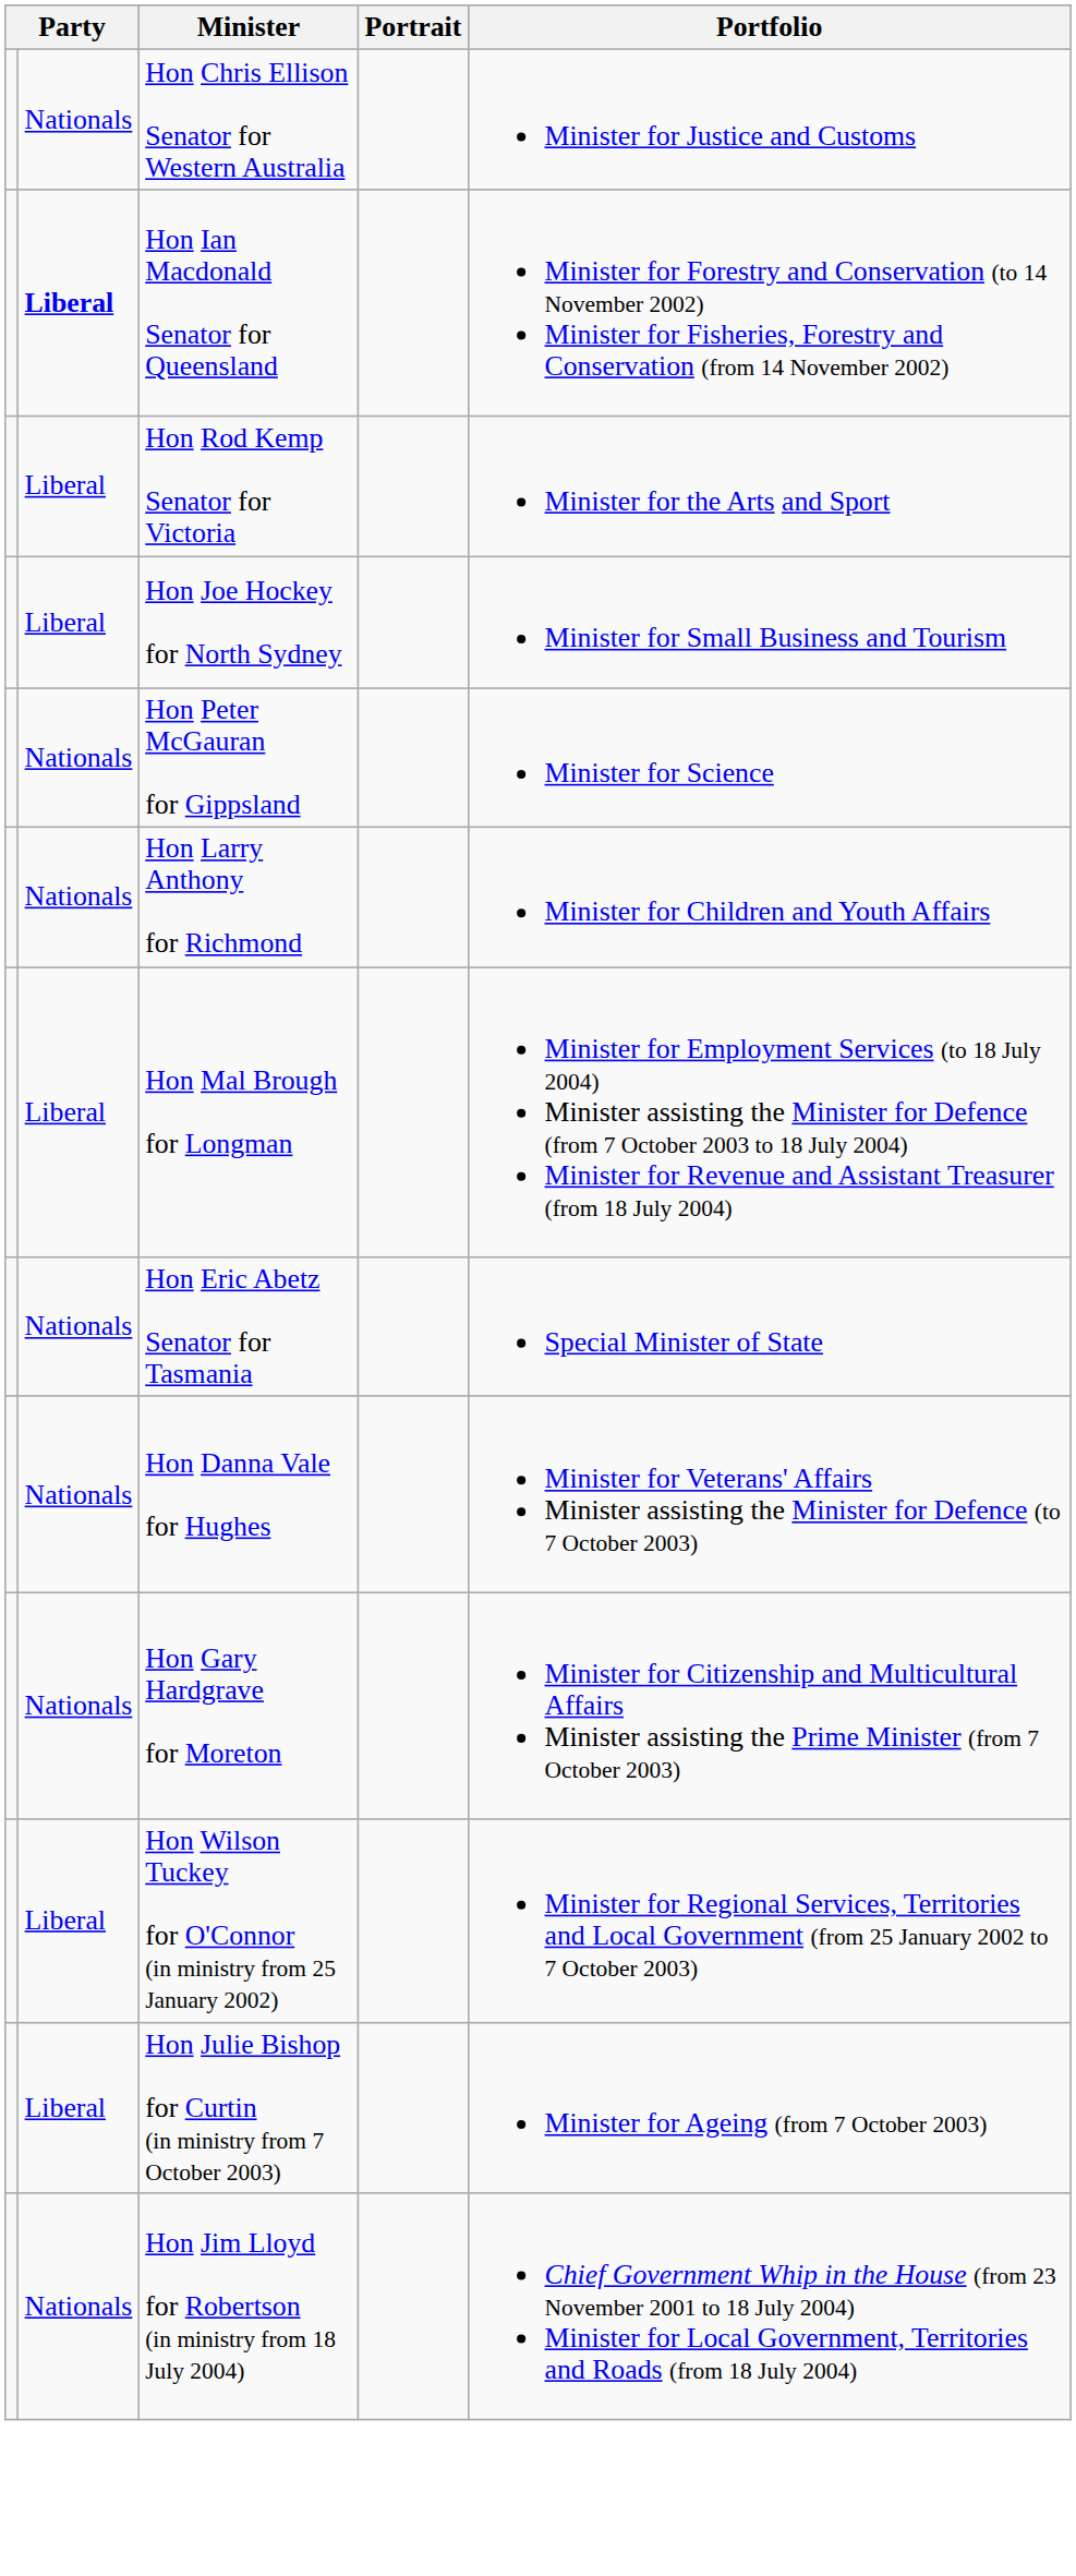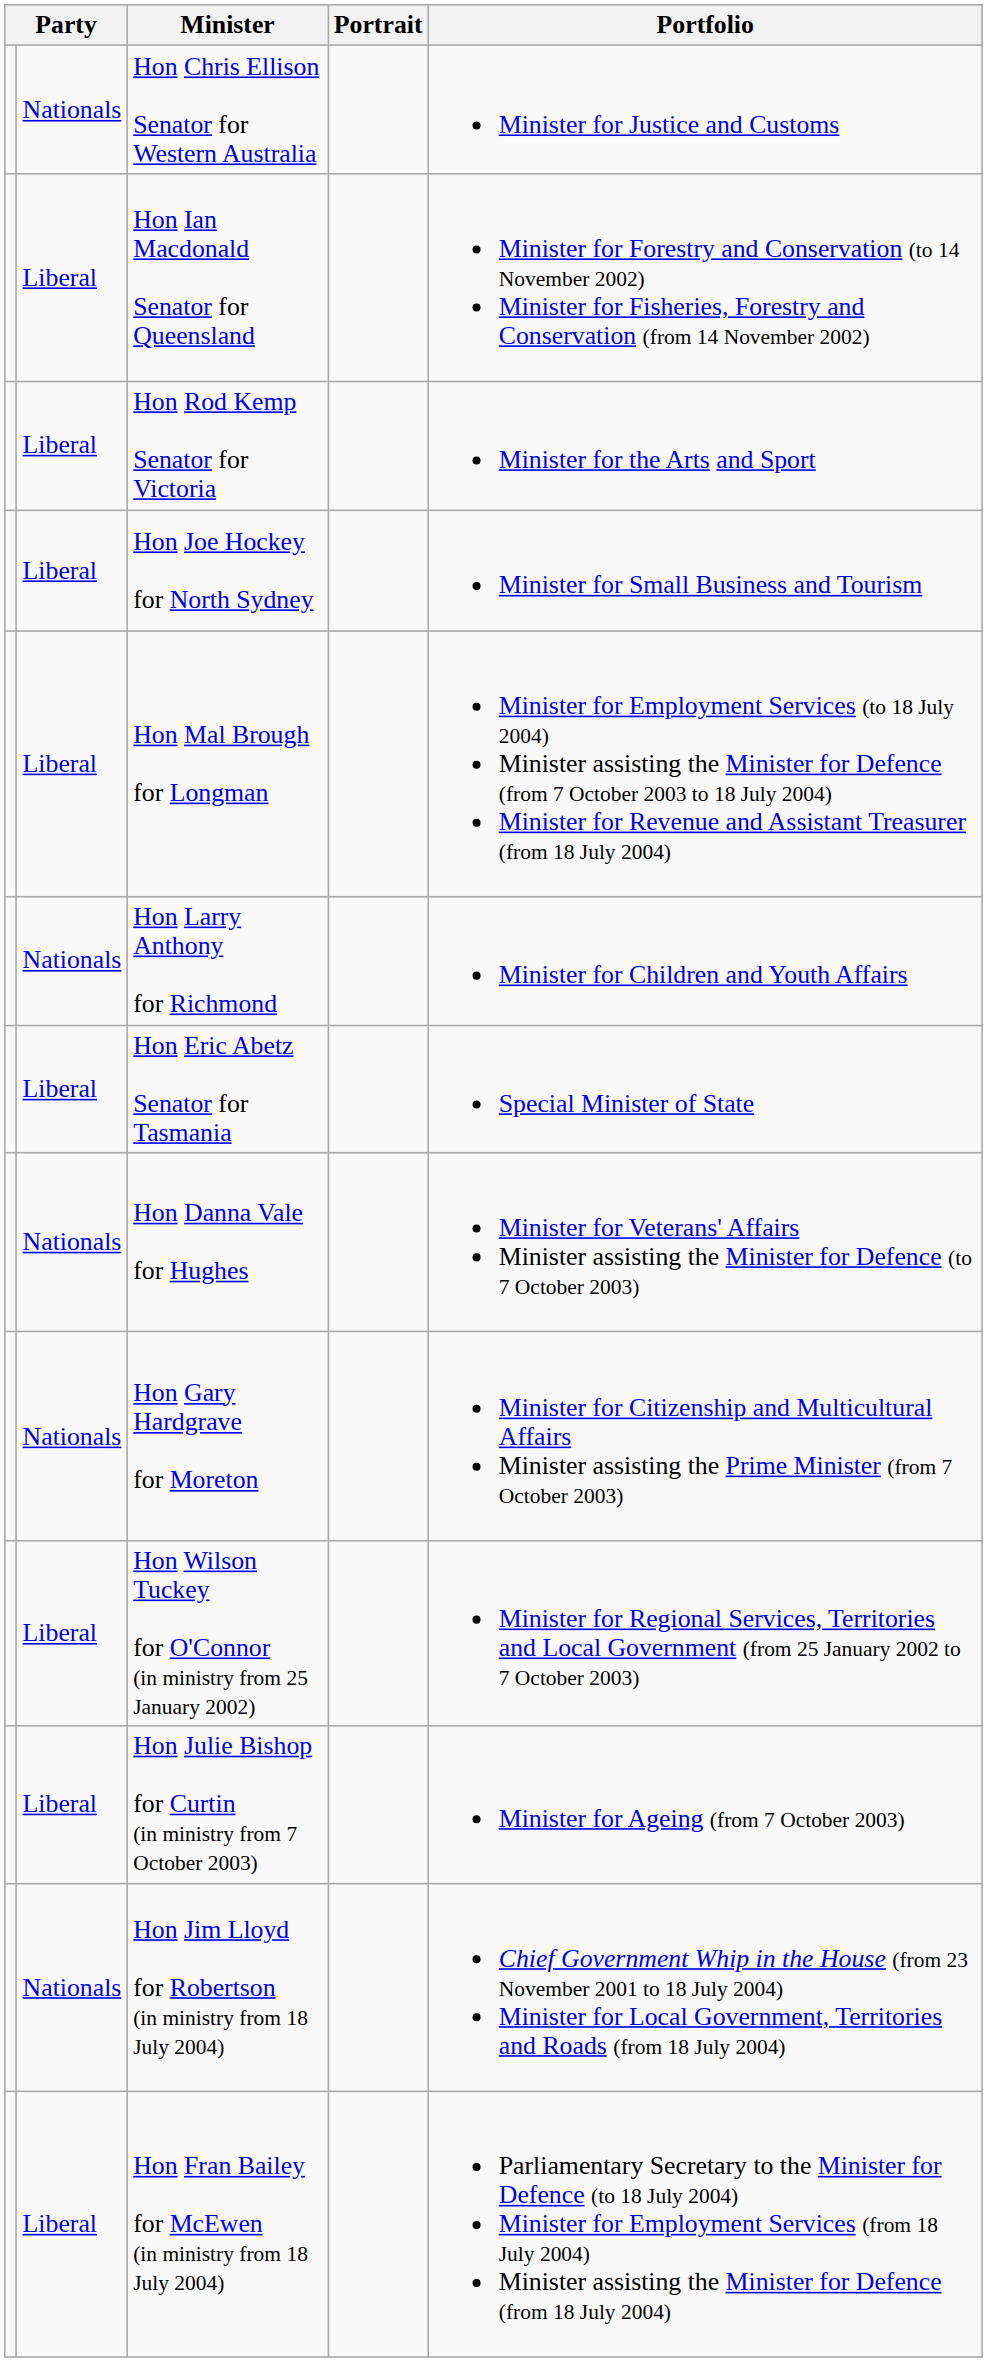 <table class="wikitable sortable">
 <tr>
 <th colspan="2">Party</th>
 <th>Minister</th>
 <th>Portrait</th>
 <th>Portfolio</th>
 </tr>
 <tr>
 <td></td>
 <td><a href='#'>Nationals</a></td>
 <td><a href='#'>Hon</a> <a href='#'>Chris Ellison</a> <br><br><a href='#'>Senator</a> for <a href='#'>Western Australia</a> <br></td>
 <td></td>
 <td><br><ul><li><a href='#'>Minister for Justice and Customs</a></li></ul></td>
 </tr>
 <tr>
 <td></td>
-<td><strong><a href='#'>Liberal</a></strong></td>
+<td><a href='#'>Liberal</a></td>
 <td><a href='#'>Hon</a> <a href='#'>Ian Macdonald</a> <br><br><a href='#'>Senator</a> for <a href='#'>Queensland</a> <br></td>
 <td></td>
 <td><br><ul><li><a href='#'>Minister for Forestry and Conservation</a> <small>(to 14 November 2002)</small></li><li><a href='#'>Minister for Fisheries, Forestry and Conservation</a> <small>(from 14 November 2002)</small></li></ul></td>
 </tr>
 <tr>
 <td></td>
 <td><a href='#'>Liberal</a></td>
 <td><a href='#'>Hon</a> <a href='#'>Rod Kemp</a> <br><br><a href='#'>Senator</a> for <a href='#'>Victoria</a> <br></td>
 <td></td>
 <td><br><ul><li><a href='#'>Minister for the Arts</a> <a href='#'>and Sport</a></li></ul></td>
 </tr>
 <tr>
 <td></td>
 <td><a href='#'>Liberal</a></td>
 <td><a href='#'>Hon</a> <a href='#'>Joe Hockey</a> <br><br> for <a href='#'>North Sydney</a> <br></td>
 <td></td>
 <td><br><ul><li><a href='#'>Minister for Small Business and Tourism</a></li></ul></td>
 </tr>
 <tr>
 <td></td>
-<td><a href='#'>Nationals</a></td>
-<td><a href='#'>Hon</a> <a href='#'>Peter McGauran</a> <br><br> for <a href='#'>Gippsland</a> <br></td>
+<td><a href='#'>Liberal</a></td>
+<td><a href='#'>Hon</a> <a href='#'>Mal Brough</a> <br><br> for <a href='#'>Longman</a> <br></td>
 <td></td>
-<td><br><ul><li><a href='#'>Minister for Science</a></li></ul></td>
+<td><br><ul><li><a href='#'>Minister for Employment Services</a> <small>(to 18 July 2004)</small></li><li>Minister assisting the <a href='#'>Minister for Defence</a> <small>(from 7 October 2003 to 18 July 2004)</small></li><li><a href='#'>Minister for Revenue and Assistant Treasurer</a> <small>(from 18 July 2004)</small></li></ul></td>
 </tr>
 <tr>
 <td></td>
 <td><a href='#'>Nationals</a></td>
 <td><a href='#'>Hon</a> <a href='#'>Larry Anthony</a> <br><br> for <a href='#'>Richmond</a> <br></td>
 <td></td>
 <td><br><ul><li><a href='#'>Minister for Children and Youth Affairs</a></li></ul></td>
 </tr>
 <tr>
 <td></td>
 <td><a href='#'>Liberal</a></td>
-<td><a href='#'>Hon</a> <a href='#'>Mal Brough</a> <br><br> for <a href='#'>Longman</a> <br></td>
-<td></td>
-<td><br><ul><li><a href='#'>Minister for Employment Services</a> <small>(to 18 July 2004)</small></li><li>Minister assisting the <a href='#'>Minister for Defence</a> <small>(from 7 October 2003 to 18 July 2004)</small></li><li><a href='#'>Minister for Revenue and Assistant Treasurer</a> <small>(from 18 July 2004)</small></li></ul></td>
-</tr>
-<tr>
-<td></td>
-<td><a href='#'>Nationals</a></td>
 <td><a href='#'>Hon</a> <a href='#'>Eric Abetz</a> <br><br><a href='#'>Senator</a> for <a href='#'>Tasmania</a> <br></td>
 <td></td>
 <td><br><ul><li><a href='#'>Special Minister of State</a></li></ul></td>
 </tr>
 <tr>
 <td></td>
 <td><a href='#'>Nationals</a></td>
 <td><a href='#'>Hon</a> <a href='#'>Danna Vale</a> <br><br> for <a href='#'>Hughes</a> <br></td>
 <td></td>
 <td><br><ul><li><a href='#'>Minister for Veterans' Affairs</a></li><li>Minister assisting the <a href='#'>Minister for Defence</a> <small>(to 7 October 2003)</small></li></ul></td>
 </tr>
 <tr>
 <td></td>
 <td><a href='#'>Nationals</a></td>
 <td><a href='#'>Hon</a> <a href='#'>Gary Hardgrave</a> <br><br> for <a href='#'>Moreton</a> <br></td>
 <td></td>
 <td><br><ul><li><a href='#'>Minister for Citizenship and Multicultural Affairs</a></li><li>Minister assisting the <a href='#'>Prime Minister</a> <small>(from 7 October 2003)</small></li></ul></td>
 </tr>
 <tr>
 <td></td>
 <td><a href='#'>Liberal</a></td>
 <td><a href='#'>Hon</a> <a href='#'>Wilson Tuckey</a> <br><br> for <a href='#'>O'Connor</a> <br> <small>(in ministry from 25 January 2002)</small></td>
 <td></td>
 <td><br><ul><li><a href='#'>Minister for Regional Services, Territories and Local Government</a> <small>(from 25 January 2002 to 7 October 2003)</small></li></ul></td>
 </tr>
 <tr>
 <td></td>
 <td><a href='#'>Liberal</a></td>
 <td><a href='#'>Hon</a> <a href='#'>Julie Bishop</a> <br><br> for <a href='#'>Curtin</a> <br> <small>(in ministry from 7 October 2003)</small></td>
 <td></td>
 <td><br><ul><li><a href='#'>Minister for Ageing</a> <small>(from 7 October 2003)</small></li></ul></td>
 </tr>
 <tr>
 <td></td>
 <td><a href='#'>Nationals</a></td>
 <td><a href='#'>Hon</a> <a href='#'>Jim Lloyd</a> <br><br> for <a href='#'>Robertson</a> <br> <small>(in ministry from 18 July 2004)</small></td>
 <td></td>
 <td><br><ul><li><em><a href='#'>Chief Government Whip in the House</a></em> <small>(from 23 November 2001 to 18 July 2004)</small></li><li><a href='#'>Minister for Local Government, Territories and Roads</a> <small>(from 18 July 2004)</small></li></ul></td>
 </tr>
+<tr>
+<td></td>
+<td><a href='#'>Liberal</a></td>
+<td><a href='#'>Hon</a> <a href='#'>Fran Bailey</a> <br><br> for <a href='#'>McEwen</a> <br> <small>(in ministry from 18 July 2004)</small></td>
+<td></td>
+<td><br><ul><li>Parliamentary Secretary to the <a href='#'>Minister for Defence</a> <small>(to 18 July 2004)</small></li><li><a href='#'>Minister for Employment Services</a> <small>(from 18 July 2004)</small></li><li>Minister assisting the <a href='#'>Minister for Defence</a> <small>(from 18 July 2004)</small></li></ul></td>
+</tr>
 </table>
